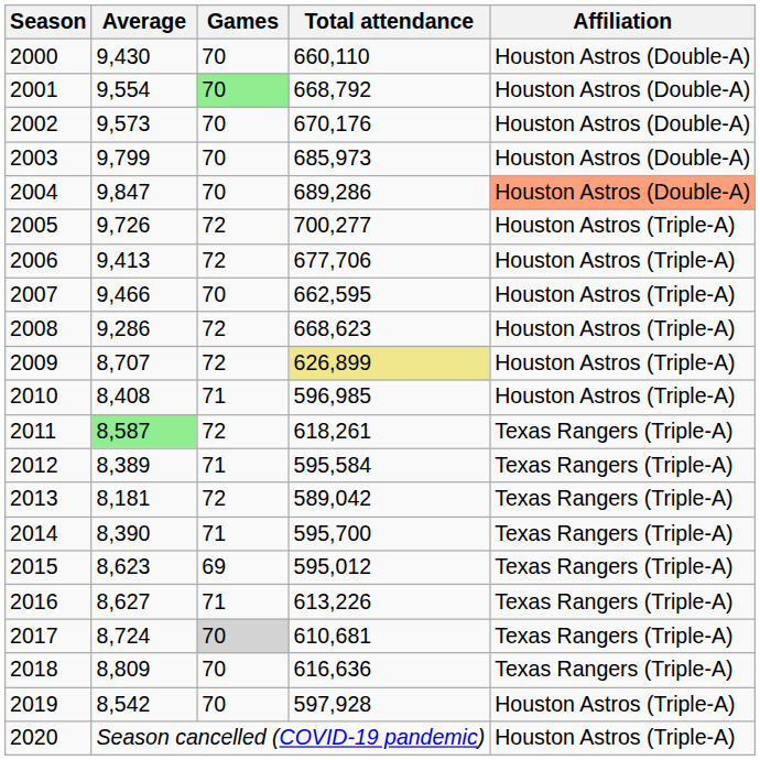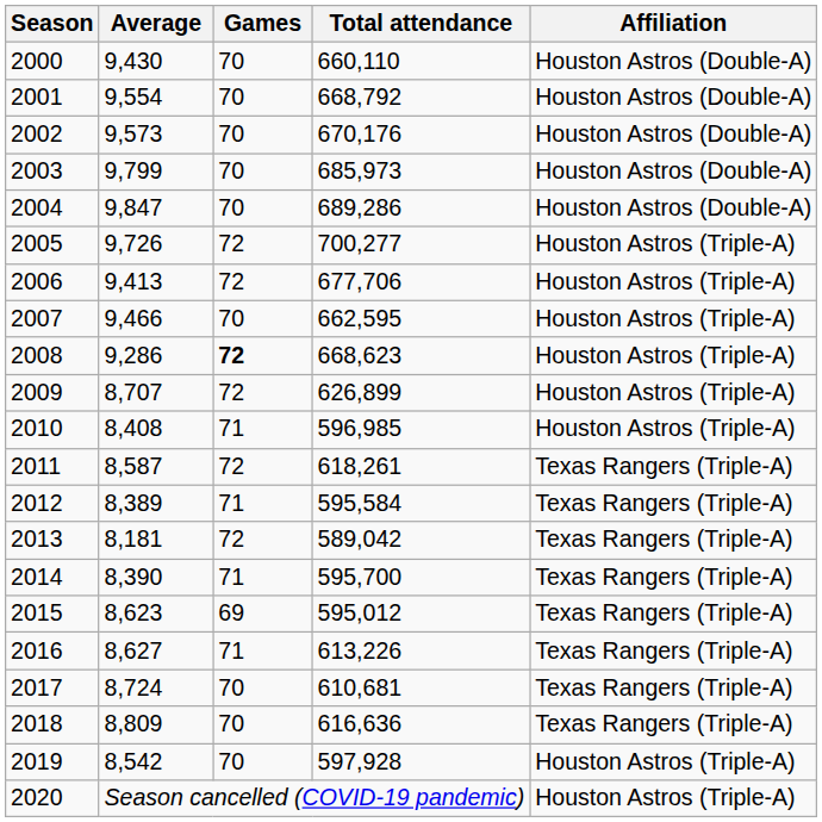 <table class="wikitable sortable">
 <tr>
 <th>Season</th>
 <th>Average</th>
 <th>Games</th>
 <th>Total attendance</th>
 <th>Affiliation</th>
 </tr>
 <tr>
 <td>2000</td>
 <td>9,430</td>
 <td>70</td>
 <td>660,110</td>
 <td>Houston Astros (Double-A)</td>
 </tr>
 <tr>
 <td>2001</td>
 <td>9,554</td>
-<td style="background: lightgreen;">70</td>
+<td>70</td>
 <td>668,792</td>
 <td>Houston Astros (Double-A)</td>
 </tr>
 <tr>
 <td>2002</td>
 <td>9,573</td>
 <td>70</td>
 <td>670,176</td>
 <td>Houston Astros (Double-A)</td>
 </tr>
 <tr>
 <td>2003</td>
 <td>9,799</td>
 <td>70</td>
 <td>685,973</td>
 <td>Houston Astros (Double-A)</td>
 </tr>
 <tr>
 <td>2004</td>
 <td>9,847</td>
 <td>70</td>
 <td>689,286</td>
-<td style="background: lightsalmon;">Houston Astros (Double-A)</td>
+<td>Houston Astros (Double-A)</td>
 </tr>
 <tr>
 <td>2005</td>
 <td>9,726</td>
 <td>72</td>
 <td>700,277</td>
 <td>Houston Astros (Triple-A)</td>
 </tr>
 <tr>
 <td>2006</td>
 <td>9,413</td>
 <td>72</td>
 <td>677,706</td>
 <td>Houston Astros (Triple-A)</td>
 </tr>
 <tr>
 <td>2007</td>
 <td>9,466</td>
 <td>70</td>
 <td>662,595</td>
 <td>Houston Astros (Triple-A)</td>
 </tr>
 <tr>
 <td>2008</td>
 <td>9,286</td>
-<td>72</td>
+<td><strong>72</strong></td>
 <td>668,623</td>
 <td>Houston Astros (Triple-A)</td>
 </tr>
 <tr>
 <td>2009</td>
 <td>8,707</td>
 <td>72</td>
-<td style="background: khaki;">626,899</td>
+<td>626,899</td>
 <td>Houston Astros (Triple-A)</td>
 </tr>
 <tr>
 <td>2010</td>
 <td>8,408</td>
 <td>71</td>
 <td>596,985</td>
 <td>Houston Astros (Triple-A)</td>
 </tr>
 <tr>
 <td>2011</td>
-<td style="background: lightgreen;">8,587</td>
+<td>8,587</td>
 <td>72</td>
 <td>618,261</td>
 <td>Texas Rangers (Triple-A)</td>
 </tr>
 <tr>
 <td>2012</td>
 <td>8,389</td>
 <td>71</td>
 <td>595,584</td>
 <td>Texas Rangers (Triple-A)</td>
 </tr>
 <tr>
 <td>2013</td>
 <td>8,181</td>
 <td>72</td>
 <td>589,042</td>
 <td>Texas Rangers (Triple-A)</td>
 </tr>
 <tr>
 <td>2014</td>
 <td>8,390</td>
 <td>71</td>
 <td>595,700</td>
 <td>Texas Rangers (Triple-A)</td>
 </tr>
 <tr>
 <td>2015</td>
 <td>8,623</td>
 <td>69</td>
 <td>595,012</td>
 <td>Texas Rangers (Triple-A)</td>
 </tr>
 <tr>
 <td>2016</td>
 <td>8,627</td>
 <td>71</td>
 <td>613,226</td>
 <td>Texas Rangers (Triple-A)</td>
 </tr>
 <tr>
 <td>2017</td>
 <td>8,724</td>
-<td style="background: lightgrey;">70</td>
+<td>70</td>
 <td>610,681</td>
 <td>Texas Rangers (Triple-A)</td>
 </tr>
 <tr>
 <td>2018</td>
 <td>8,809</td>
 <td>70</td>
 <td>616,636</td>
 <td>Texas Rangers (Triple-A)</td>
 </tr>
 <tr>
 <td>2019</td>
 <td>8,542</td>
 <td>70</td>
 <td>597,928</td>
 <td>Houston Astros (Triple-A)</td>
 </tr>
 <tr>
 <td>2020</td>
 <td colspan="3" style="text-align:center"><em>Season cancelled (<a href='#'>COVID-19 pandemic</a>)</em></td>
 <td>Houston Astros (Triple-A)</td>
 </tr>
 </table>
